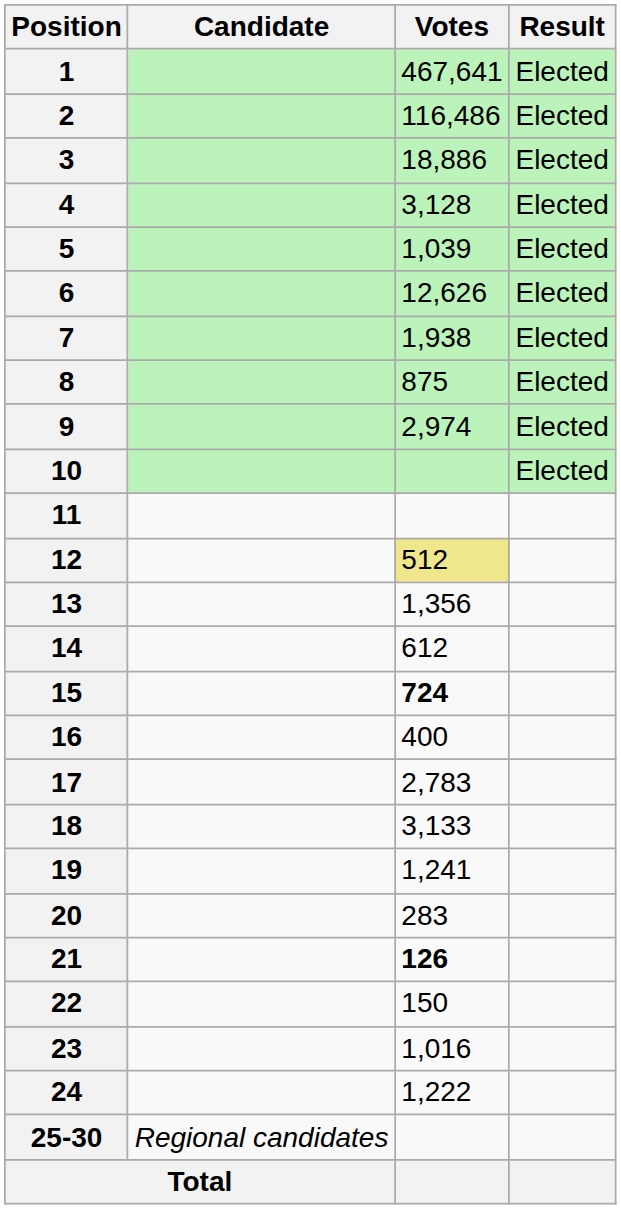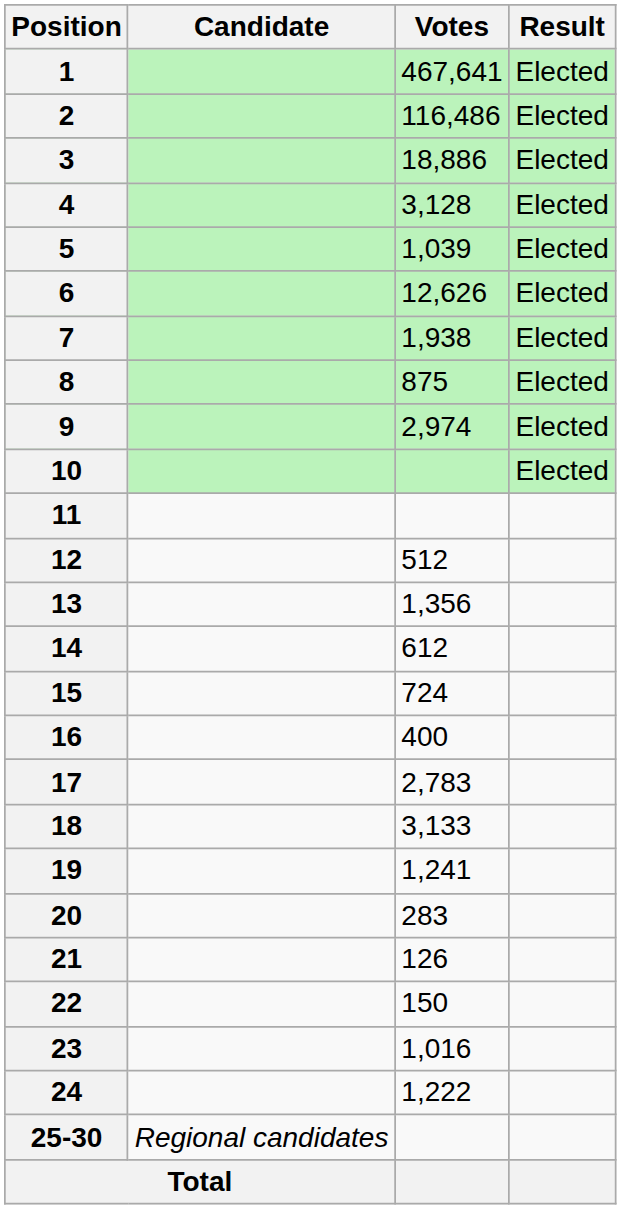 <table class="wikitable sortable col3right">
 <tr>
 <th scope="col">Position</th>
 <th scope="col">Candidate</th>
 <th scope="col">Votes</th>
 <th scope="col">Result</th>
 </tr>
 <tr bgcolor=bbf3bb>
 <th scope="row">1</th>
 <td></td>
 <td>467,641</td>
 <td>Elected</td>
 </tr>
 <tr bgcolor=bbf3bb>
 <th scope="row">2</th>
 <td></td>
 <td>116,486</td>
 <td>Elected</td>
 </tr>
 <tr bgcolor=bbf3bb>
 <th scope="row">3</th>
 <td></td>
 <td>18,886</td>
 <td>Elected</td>
 </tr>
 <tr bgcolor=bbf3bb>
 <th scope="row">4</th>
 <td></td>
 <td>3,128</td>
 <td>Elected</td>
 </tr>
 <tr bgcolor=bbf3bb>
 <th scope="row">5</th>
 <td></td>
 <td>1,039</td>
 <td>Elected</td>
 </tr>
 <tr bgcolor=bbf3bb>
 <th scope="row">6</th>
 <td></td>
 <td>12,626</td>
 <td>Elected</td>
 </tr>
 <tr bgcolor=bbf3bb>
 <th scope="row">7</th>
 <td></td>
 <td>1,938</td>
 <td>Elected</td>
 </tr>
 <tr bgcolor=bbf3bb>
 <th scope="row">8</th>
 <td></td>
 <td>875</td>
 <td>Elected</td>
 </tr>
 <tr bgcolor=bbf3bb>
 <th scope="row">9</th>
 <td></td>
 <td>2,974</td>
 <td>Elected</td>
 </tr>
 <tr bgcolor=bbf3bb>
 <th scope="row">10</th>
 <td></td>
 <td></td>
 <td>Elected</td>
 </tr>
 <tr>
 <th scope="row">11</th>
 <td></td>
 <td></td>
 <td></td>
 </tr>
 <tr>
 <th scope="row">12</th>
 <td></td>
-<td style="background: khaki;">512</td>
+<td>512</td>
 <td></td>
 </tr>
 <tr>
 <th scope="row">13</th>
 <td></td>
 <td>1,356</td>
 <td></td>
 </tr>
 <tr>
 <th scope="row">14</th>
 <td></td>
 <td>612</td>
 <td></td>
 </tr>
 <tr>
 <th scope="row">15</th>
 <td></td>
-<td><strong>724</strong></td>
+<td>724</td>
 <td></td>
 </tr>
 <tr>
 <th scope="row">16</th>
 <td></td>
 <td>400</td>
 <td></td>
 </tr>
 <tr>
 <th scope="row">17</th>
 <td></td>
 <td>2,783</td>
 <td></td>
 </tr>
 <tr>
 <th scope="row">18</th>
 <td></td>
 <td>3,133</td>
 <td></td>
 </tr>
 <tr>
 <th scope="row">19</th>
 <td></td>
 <td>1,241</td>
 <td></td>
 </tr>
 <tr>
 <th scope="row">20</th>
 <td></td>
 <td>283</td>
 <td></td>
 </tr>
 <tr>
 <th scope="row">21</th>
 <td></td>
-<td><strong>126</strong></td>
+<td>126</td>
 <td></td>
 </tr>
 <tr>
 <th scope="row">22</th>
 <td></td>
 <td>150</td>
 <td></td>
 </tr>
 <tr>
 <th scope="row">23</th>
 <td></td>
 <td>1,016</td>
 <td></td>
 </tr>
 <tr>
 <th scope="row">24</th>
 <td></td>
 <td>1,222</td>
 <td></td>
 </tr>
 <tr>
 <th scope="row">25-30</th>
 <td><em>Regional candidates</em></td>
 <td></td>
 <td></td>
 </tr>
 <tr class="sortbottom">
 <th scope="row" colspan="2">Total</th>
 <th></th>
 <th></th>
 </tr>
 </table>
